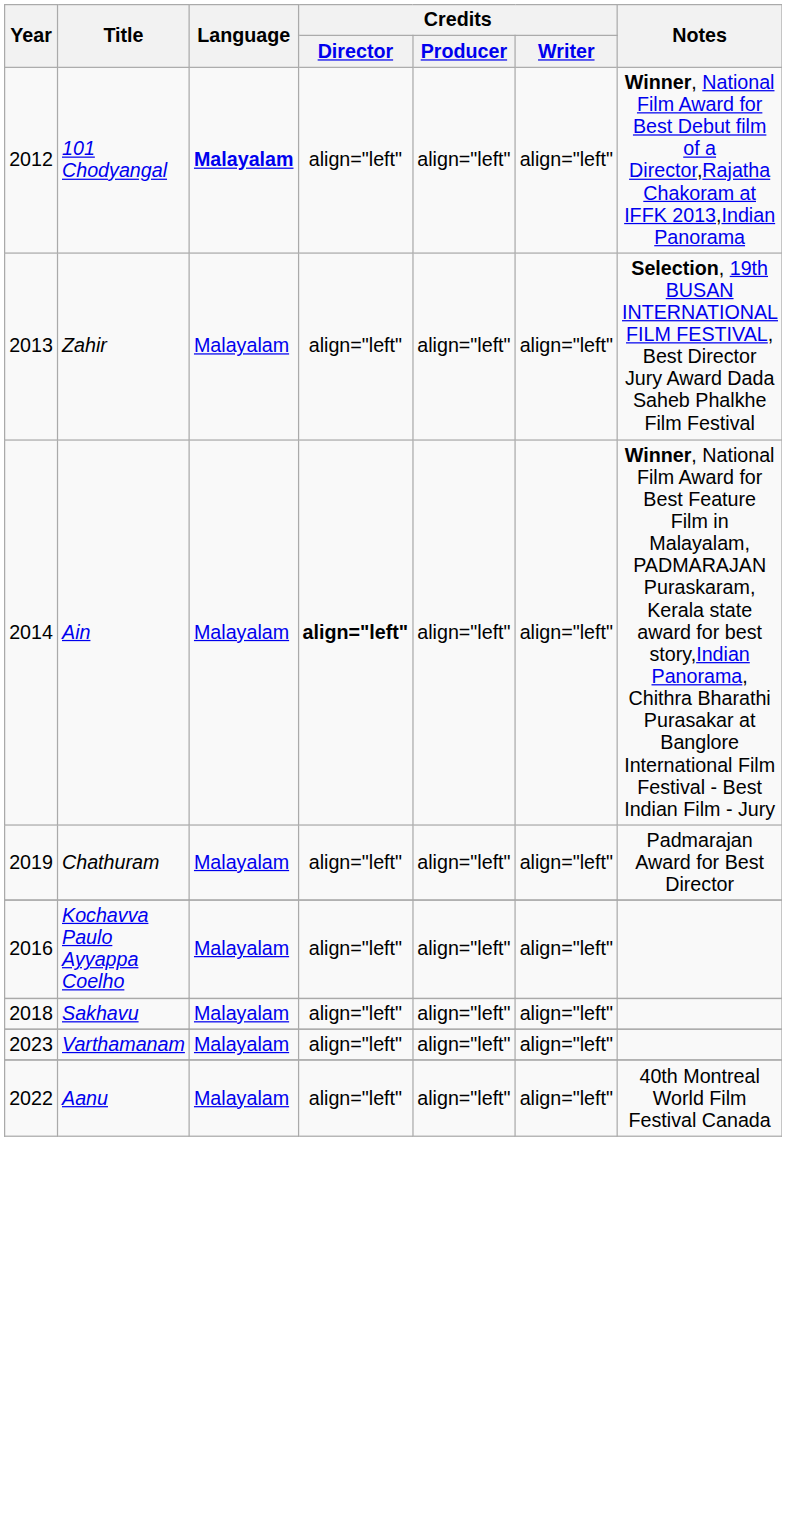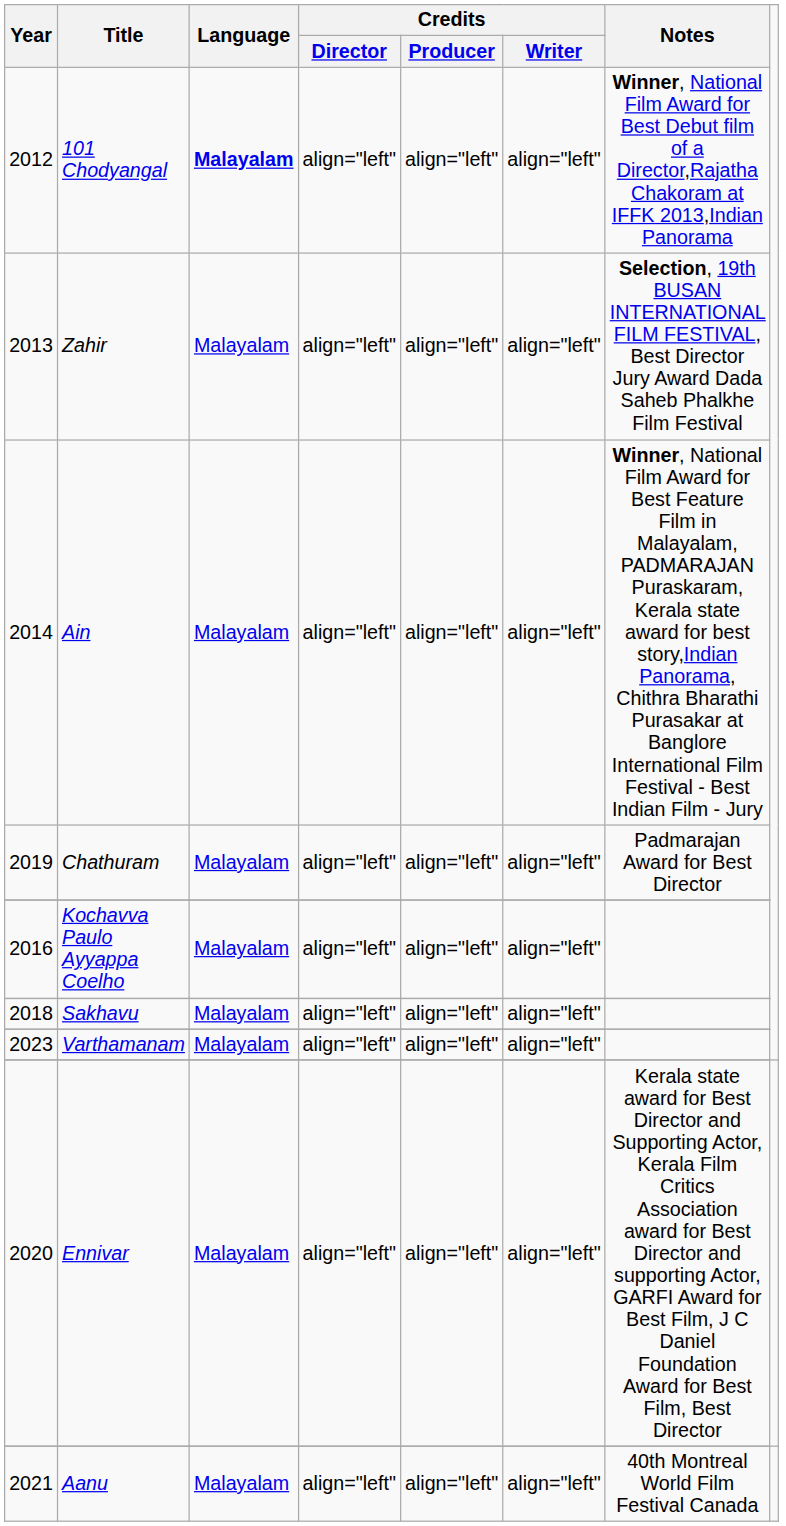 <table class="wikitable">
 <tr>
 <th rowspan="2" width="33">Year</th>
 <th rowspan="2">Title</th>
 <th rowspan="2">Language</th>
 <th colspan="3">Credits</th>
 <th rowspan="2">Notes</th>
 </tr>
 <tr>
 <th width=65><a href='#'>Director</a></th>
 <th width=65><a href='#'>Producer</a></th>
 <th width=65><a href='#'>Writer</a></th>
 </tr>
 <tr align="center">
 <td align="center" rowspan="1">2012</td>
 <td align="left"><em><a href='#'>101 Chodyangal</a></em></td>
 <td align="left"><strong><a href='#'>Malayalam</a></strong></td>
 <td>align="left" </td>
 <td>align="left" </td>
 <td>align="left" </td>
 <td><strong>Winner</strong>, <a href='#'>National Film Award for Best Debut film of a Director</a>,<a href='#'>Rajatha Chakoram at IFFK 2013</a>,<a href='#'>Indian Panorama</a></td>
 </tr>
 <tr align="center">
 <td align="center" rowspan="1">2013</td>
 <td align="left"><em>Zahir</em></td>
 <td align="left"><a href='#'>Malayalam</a></td>
 <td>align="left" </td>
 <td>align="left" </td>
 <td>align="left" </td>
 <td><strong>Selection</strong>, <a href='#'>19th BUSAN INTERNATIONAL FILM FESTIVAL</a>, Best Director Jury Award Dada Saheb Phalkhe Film Festival</td>
 </tr>
 <tr align="center">
 <td align="center" rowspan="1">2014</td>
 <td align="left"><em><a href='#'>Ain</a></em></td>
 <td align="left"><a href='#'>Malayalam</a></td>
-<td><strong>align="left" </strong></td>
+<td>align="left" </td>
 <td>align="left" </td>
 <td>align="left" </td>
 <td><strong>Winner</strong>, National Film Award for Best  Feature Film in Malayalam, PADMARAJAN Puraskaram, Kerala state award for best story,<a href='#'>Indian Panorama</a>, Chithra Bharathi Purasakar at Banglore International Film Festival - Best Indian Film - Jury</td>
 </tr>
 <tr align="center">
 <td align="center" rowspan="1">2019</td>
 <td align="left"><em>Chathuram</em></td>
 <td align="left"><a href='#'>Malayalam</a></td>
 <td>align="left" </td>
 <td>align="left" </td>
 <td>align="left" </td>
 <td>Padmarajan Award for Best Director</td>
 </tr>
 <tr align="center">
 </tr>
 <tr align="center">
 <td align="center" rowspan="1">2016</td>
 <td align="left"><em><a href='#'>Kochavva Paulo Ayyappa Coelho</a></em></td>
 <td align="left"><a href='#'>Malayalam</a></td>
 <td>align="left" </td>
 <td>align="left" </td>
 <td>align="left" </td>
 <td></td>
 </tr>
 <tr align="center">
 </tr>
 <tr>
 </tr>
 <tr align="center">
 </tr>
 <tr align="center">
 <td align="center" rowspan="1">2018</td>
 <td align="left"><em><a href='#'>Sakhavu</a></em></td>
 <td align="left"><a href='#'>Malayalam</a></td>
 <td>align="left" </td>
 <td>align="left" </td>
 <td>align="left" </td>
 <td></td>
 </tr>
 <tr>
 </tr>
 <tr align="center">
 </tr>
 <tr align="center">
 <td align="center" rowspan="1">2023</td>
 <td align="left"><em><a href='#'>Varthamanam</a></em></td>
 <td align="left"><a href='#'>Malayalam</a></td>
 <td>align="left" </td>
 <td>align="left" </td>
 <td>align="left" </td>
 <td></td>
 </tr>
 <tr align="center"|->
 </tr>
 <tr align="center">
 </tr>
+<tr align="center">
+<td align="center" rowspan="1">2020</td>
+<td align="left"><em><a href='#'>Ennivar</a></em></td>
+<td align="left"><a href='#'>Malayalam</a></td>
+<td>align="left" </td>
+<td>align="left" </td>
+<td>align="left" </td>
+<td>Kerala state award for Best Director and Supporting Actor,<br>Kerala Film Critics Association award for Best Director and supporting Actor, GARFI Award for Best Film, J C Daniel Foundation Award for Best Film, Best Director</td>
+<td></td>
+</tr>
 <tr align="center"|->
 </tr>
 <tr align="center">
 </tr>
 <tr align="center">
-<td align="center" rowspan="1">2022</td>
+<td align="center" rowspan="1">2021</td>
 <td align="left"><em><a href='#'>Aanu</a></em></td>
 <td align="left"><a href='#'>Malayalam</a></td>
 <td>align="left" </td>
 <td>align="left" </td>
 <td>align="left" </td>
 <td>40th Montreal World Film Festival Canada</td>
 </tr>
 </table>
